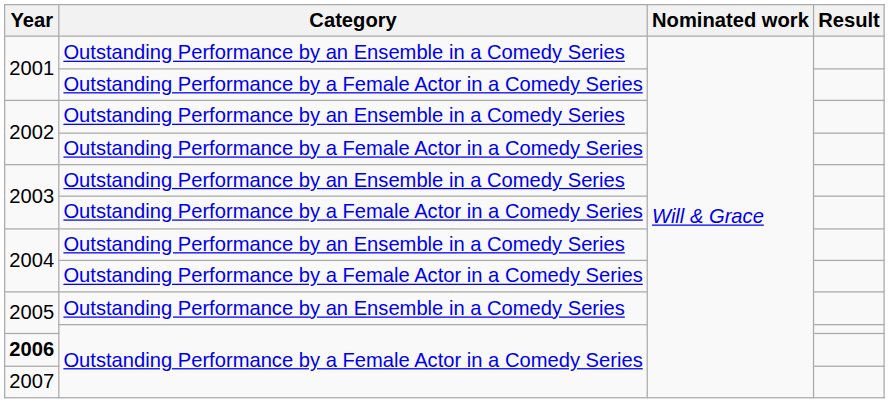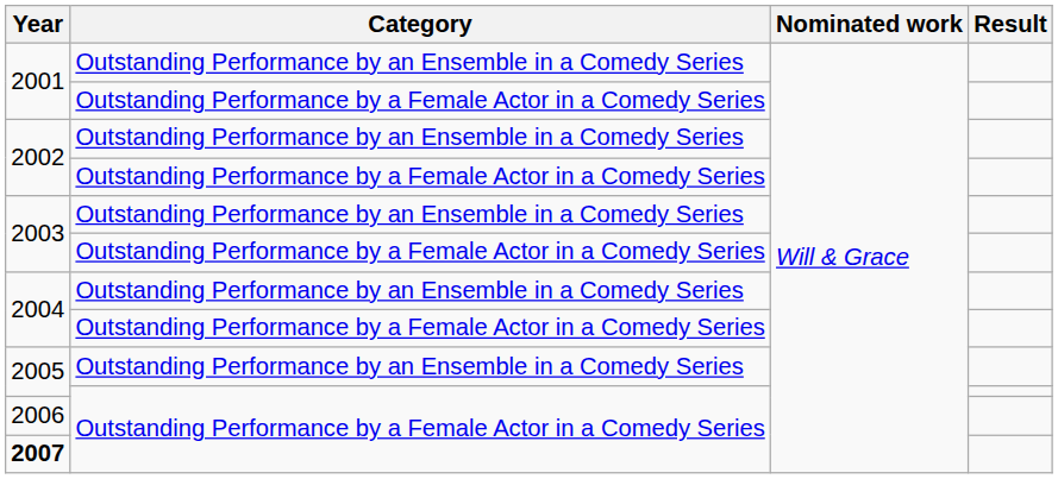 <table class="wikitable">
 <tr>
 <th>Year</th>
 <th>Category</th>
 <th>Nominated work</th>
 <th>Result</th>
 </tr>
 <tr>
 <td rowspan=2>2001</td>
 <td><a href='#'>Outstanding Performance by an Ensemble in a Comedy Series</a></td>
 <td rowspan=12><em><a href='#'>Will & Grace</a></em></td>
 <td></td>
 </tr>
 <tr>
 <td><a href='#'>Outstanding Performance by a Female Actor in a Comedy Series</a></td>
 <td></td>
 </tr>
 <tr>
 <td rowspan=2>2002</td>
 <td><a href='#'>Outstanding Performance by an Ensemble in a Comedy Series</a></td>
 <td></td>
 </tr>
 <tr>
 <td><a href='#'>Outstanding Performance by a Female Actor in a Comedy Series</a></td>
 <td></td>
 </tr>
 <tr>
 <td rowspan=2>2003</td>
 <td><a href='#'>Outstanding Performance by an Ensemble in a Comedy Series</a></td>
 <td></td>
 </tr>
 <tr>
 <td><a href='#'>Outstanding Performance by a Female Actor in a Comedy Series</a></td>
 <td></td>
 </tr>
 <tr>
 <td rowspan=2>2004</td>
 <td><a href='#'>Outstanding Performance by an Ensemble in a Comedy Series</a></td>
 <td></td>
 </tr>
 <tr>
 <td><a href='#'>Outstanding Performance by a Female Actor in a Comedy Series</a></td>
 <td></td>
 </tr>
 <tr>
 <td rowspan=2>2005</td>
 <td><a href='#'>Outstanding Performance by an Ensemble in a Comedy Series</a></td>
 <td></td>
 </tr>
 <tr>
 <td rowspan=3><a href='#'>Outstanding Performance by a Female Actor in a Comedy Series</a></td>
 <td></td>
 </tr>
 <tr>
-<td><strong>2006</strong></td>
+<td>2006</td>
 <td></td>
 </tr>
 <tr>
-<td>2007</td>
+<td><strong>2007</strong></td>
 <td></td>
 </tr>
 </table>
